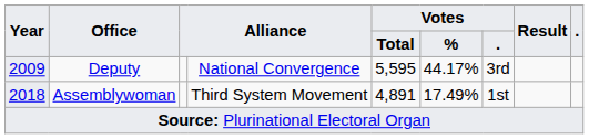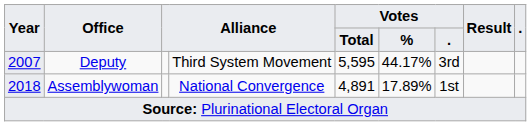 <table class="wikitable" style="font-size:90%; text-align:center;">
 <tr>
 <th style="background-color:#EAECF0;" rowspan=2>Year</th>
 <th style="background-color:#EAECF0;" rowspan=2>Office</th>
 <th style="background-color:#EAECF0;" colspan=2 rowspan=2>Alliance</th>
 <th style="background-color:#EAECF0;" colspan=3>Votes</th>
 <th style="background-color:#EAECF0;" rowspan=2>Result</th>
 <th style="background-color:#EAECF0;" rowspan=2>.</th>
 </tr>
 <tr>
 <th style="background-color:#EAECF0;">Total</th>
 <th style="background-color:#EAECF0;">%</th>
 <th style="background-color:#EAECF0;">.</th>
 </tr>
 <tr>
-<td style="background-color:#EAECF0;"><a href='#'>2009</a></td>
+<td style="background-color:#EAECF0;"><a href='#'>2007</a></td>
 <td><a href='#'>Deputy</a></td>
 <td style="background-color:"></td>
-<td><a href='#'>National Convergence</a></td>
+<td>Third System Movement</td>
 <td>5,595</td>
 <td>44.17%</td>
 <td>3rd</td>
 <td></td>
 <td></td>
 </tr>
 <tr>
 <td style="background-color:#EAECF0;"><a href='#'>2018</a></td>
 <td><a href='#'>Assemblywoman</a></td>
 <td style="background-color:"></td>
-<td>Third System Movement</td>
+<td><a href='#'>National Convergence</a></td>
 <td>4,891</td>
-<td>17.49%</td>
+<td>17.89%</td>
 <td>1st</td>
 <td></td>
 <td></td>
 </tr>
 <tr>
 <td style="background-color:#EAECF0;" colspan=9><strong>Source:</strong> <a href='#'>Plurinational Electoral Organ</a>  </td>
 </tr>
 </table>
